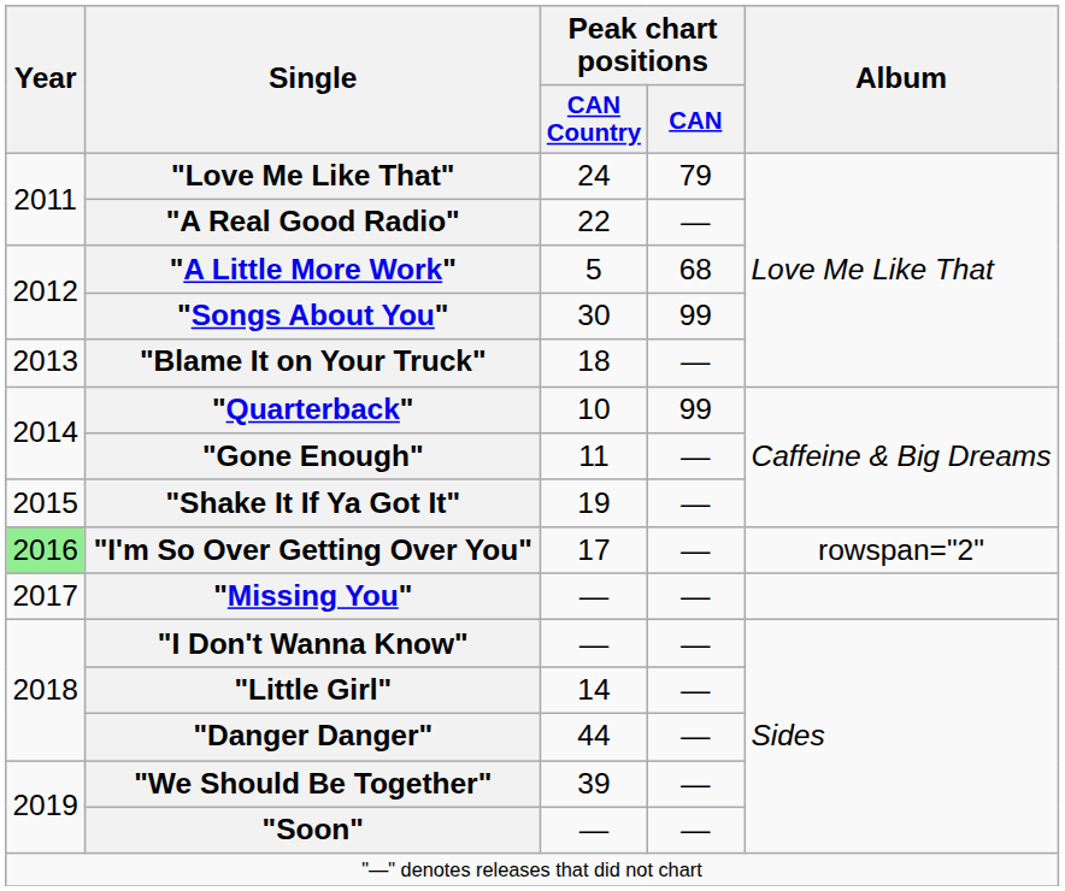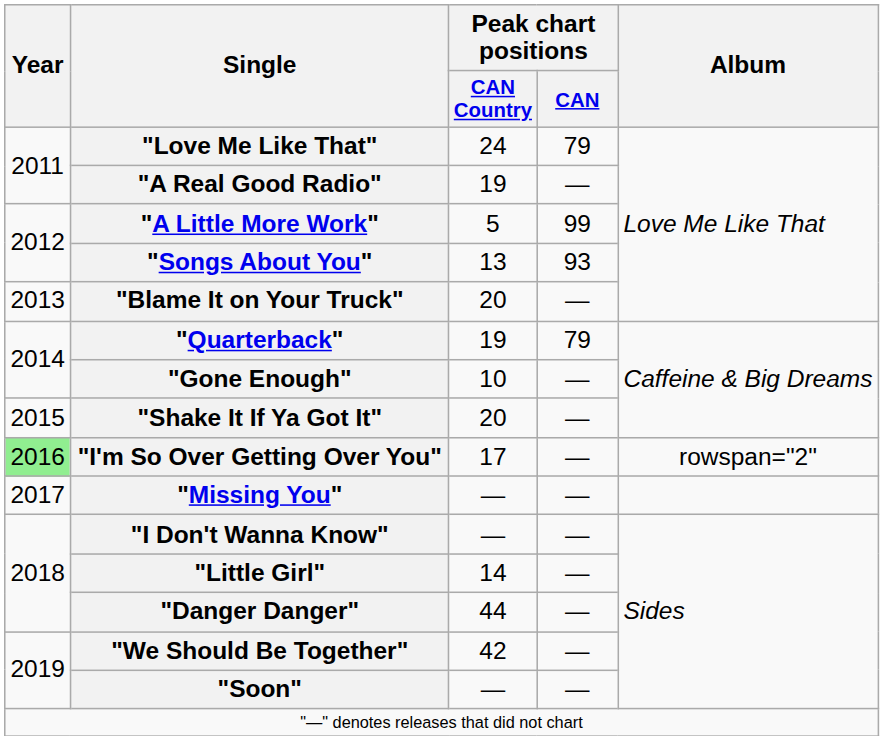 <table class="wikitable plainrowheaders" style="text-align:center;">
 <tr>
 <th rowspan="2" style="width:1em;">Year</th>
 <th rowspan="2" style="width:15em;">Single</th>
 <th colspan="2">Peak chart<br>positions</th>
 <th rowspan="2">Album</th>
 </tr>
 <tr style="font-size:smaller;">
 <th style="width:3.5em;"><a href='#'>CAN Country</a><br></th>
 <th style="width:3.5em;"><a href='#'>CAN</a><br></th>
 </tr>
 <tr>
 <td rowspan="2">2011</td>
 <th scope="row">"Love Me Like That"</th>
 <td>24</td>
 <td>79</td>
 <td style="text-align:left;" rowspan="5"><em>Love Me Like That</em></td>
 </tr>
 <tr>
 <th scope="row">"A Real Good Radio"</th>
-<td>22</td>
+<td>19</td>
 <td>—</td>
 </tr>
 <tr>
 <td rowspan="2">2012</td>
 <th scope="row">"<a href='#'>A Little More Work</a>"</th>
 <td>5</td>
-<td>68</td>
+<td>99</td>
 </tr>
 <tr>
 <th scope="row">"<a href='#'>Songs About You</a>"</th>
-<td>30</td>
-<td>99</td>
+<td>13</td>
+<td>93</td>
 </tr>
 <tr>
 <td>2013</td>
 <th scope="row">"Blame It on Your Truck"</th>
-<td>18</td>
+<td>20</td>
 <td>—</td>
 </tr>
 <tr>
 <td rowspan="2">2014</td>
 <th scope="row">"<a href='#'>Quarterback</a>"</th>
-<td>10</td>
-<td>99</td>
+<td>19</td>
+<td>79</td>
 <td style="text-align:left;" rowspan="3"><em>Caffeine & Big Dreams</em></td>
 </tr>
 <tr>
 <th scope="row">"Gone Enough"</th>
-<td>11</td>
+<td>10</td>
 <td>—</td>
 </tr>
 <tr>
 <td>2015</td>
 <th scope="row">"Shake It If Ya Got It"</th>
-<td>19</td>
+<td>20</td>
 <td>—</td>
 </tr>
 <tr>
 <td style="background: lightgreen;">2016</td>
 <th scope="row">"I'm So Over Getting Over You"</th>
 <td>17</td>
 <td>—</td>
 <td>rowspan="2" </td>
 </tr>
 <tr>
 <td>2017</td>
 <th scope="row">"<a href='#'>Missing You</a>"</th>
 <td>—</td>
 <td>—</td>
 </tr>
 <tr>
 <td rowspan="3">2018</td>
 <th scope="row">"I Don't Wanna Know"</th>
 <td>—</td>
 <td>—</td>
 <td align="left" rowspan="5"><em>Sides</em></td>
 </tr>
 <tr>
 <th scope="row">"Little Girl"</th>
 <td>14</td>
 <td>—</td>
 </tr>
 <tr>
 <th scope="row">"Danger Danger"</th>
 <td>44</td>
 <td>—</td>
 </tr>
 <tr>
 <td rowspan="2">2019</td>
 <th scope="row">"We Should Be Together" </th>
-<td>39</td>
+<td>42</td>
 <td>—</td>
 </tr>
 <tr>
 <th scope="row">"Soon"</th>
 <td>—</td>
 <td>—</td>
 </tr>
 <tr>
 <td colspan="5" style="font-size:8pt">"—" denotes releases that did not chart</td>
 </tr>
 </table>
